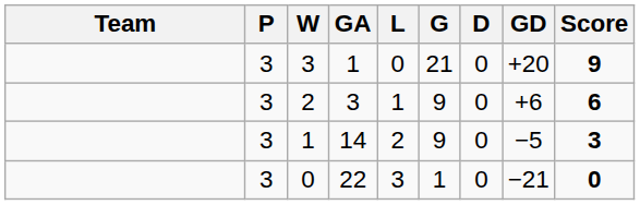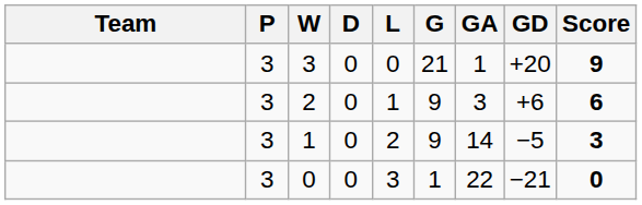 <table class="wikitable" style="text-align:center;">
 <tr>
 <th width=150>Team</th>
 <th width=20>P</th>
 <th width=20>W</th>
-<th width=20>GA</th>
+<th width=20>D</th>
 <th width=20>L</th>
 <th width=20>G</th>
-<th width=20>D</th>
+<th width=20>GA</th>
 <th width=20>GD</th>
 <th width=20>Score</th>
 </tr>
 <tr>
 <td align="left"></td>
 <td>3</td>
 <td>3</td>
-<td>1</td>
+<td>0</td>
 <td>0</td>
 <td>21</td>
-<td>0</td>
+<td>1</td>
 <td>+20</td>
 <td><strong>9</strong></td>
 </tr>
 <tr>
 <td align="left"></td>
 <td>3</td>
 <td>2</td>
-<td>3</td>
+<td>0</td>
 <td>1</td>
 <td>9</td>
-<td>0</td>
+<td>3</td>
 <td>+6</td>
 <td><strong>6</strong></td>
 </tr>
 <tr>
 <td align="left"></td>
 <td>3</td>
 <td>1</td>
-<td>14</td>
+<td>0</td>
 <td>2</td>
 <td>9</td>
-<td>0</td>
+<td>14</td>
 <td>−5</td>
 <td><strong>3</strong></td>
 </tr>
 <tr>
 <td align="left"></td>
 <td>3</td>
 <td>0</td>
-<td>22</td>
+<td>0</td>
 <td>3</td>
 <td>1</td>
-<td>0</td>
+<td>22</td>
 <td>−21</td>
 <td><strong>0</strong></td>
 </tr>
 </table>
